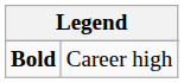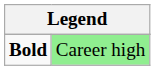 <table class="wikitable mw-collapsible">
 <tr>
 <th colspan="2">Legend</th>
 </tr>
 <tr>
 </tr>
 <tr>
 <td><strong>Bold</strong></td>
-<td>Career high</td>
+<td style="background: lightgreen;">Career high</td>
 </tr>
 </table>
